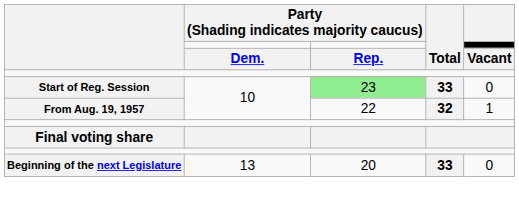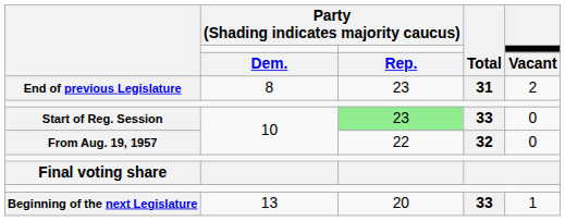 <table class=wikitable style="text-align:center">
 <tr style="vertical-align:bottom;">
 <th rowspan=3></th>
 <th colspan=2>Party <div>(Shading indicates majority caucus)</div></th>
 <th rowspan=3>Total</th>
 <th></th>
 </tr>
 <tr style="height:5px">
 <td style="background-color:"></td>
 <td style="background-color:"></td>
 <td style="background:black;"></td>
 </tr>
 <tr>
 <th><a href='#'>Dem.</a></th>
 <th><a href='#'>Rep.</a></th>
 <th>Vacant</th>
 </tr>
 <tr>
+<th style="font-size:80%;">End of <a href='#'>previous Legislature</a></th>
+<td>8</td>
+<td>23</td>
+<th>31</th>
+<td>2</td>
+</tr>
+<tr>
 <td colspan=5></td>
 </tr>
 <tr>
 <th style="font-size:80%;">Start of Reg. Session</th>
 <td rowspan="2">10</td>
 <td style="background: lightgreen;">23</td>
 <th>33</th>
 <td>0</td>
 </tr>
 <tr>
 <th style="font-size:80%;">From Aug. 19, 1957</th>
 <td>22</td>
 <th>32</th>
-<td>1</td>
+<td>0</td>
 </tr>
 <tr>
 <td colspan=5></td>
 </tr>
 <tr>
 <th>Final voting share</th>
 <th></th>
 <th></th>
 <th colspan=2></th>
 </tr>
 <tr>
 <td colspan=5></td>
 </tr>
 <tr>
 <th style="font-size:80%;">Beginning of the <a href='#'>next Legislature</a></th>
 <td>13</td>
 <td>20</td>
 <th>33</th>
-<td>0</td>
+<td>1</td>
 </tr>
 </table>
